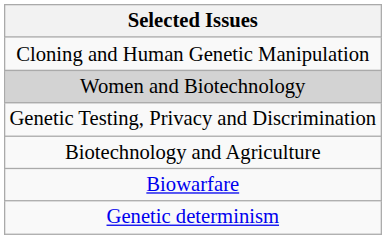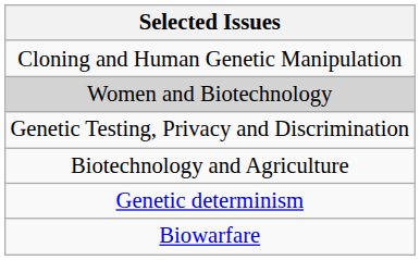 <table class="wikitable" style="text-align: center;">
 <tr>
 <th><strong>Selected Issues</strong></th>
 </tr>
 <tr>
 <td>Cloning and Human Genetic Manipulation</td>
 </tr>
 <tr>
 <td style="background: lightgrey;">Women and Biotechnology</td>
 </tr>
 <tr>
 <td>Genetic Testing, Privacy and Discrimination</td>
 </tr>
 <tr>
 <td>Biotechnology and Agriculture</td>
 </tr>
 <tr>
+<td><a href='#'>Genetic determinism</a></td>
+</tr>
+<tr>
 <td><a href='#'>Biowarfare</a></td>
 </tr>
-<tr>
-<td><a href='#'>Genetic determinism</a></td>
-</tr>
 </table>
